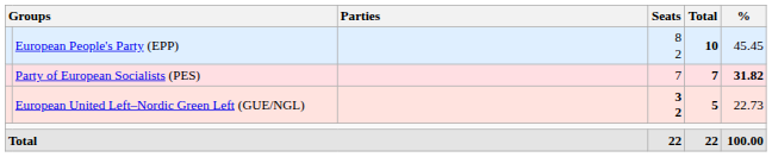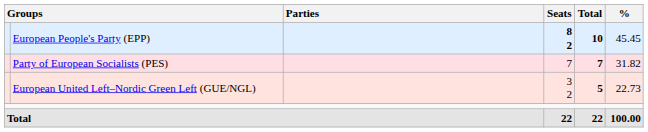 <table class="wikitable" style="text-align:right; font-size:95%; margin-bottom:0">
 <tr>
 <th style="text-align:left;" colspan="2" width="375">Groups</th>
 <th style="text-align:left;" width="350">Parties</th>
 <th width="35">Seats</th>
 <th width="35">Total</th>
 <th width="45">%</th>
 </tr>
 <tr style="background:#DFEFFF;">
 <td width="1" style="color:inherit;background:"></td>
 <td align="left"><a href='#'>European People's Party</a> (EPP)</td>
 <td align="left"></td>
-<td>8<br>2</td>
+<td><strong>8<br>2</strong></td>
 <td><strong>10</strong></td>
 <td>45.45</td>
 </tr>
 <tr style="background:#FFDFE3;">
 <td style="color:inherit;background:"></td>
 <td align="left"><a href='#'>Party of European Socialists</a> (PES)</td>
 <td align="left"></td>
 <td>7</td>
 <td><strong>7</strong></td>
-<td><strong>31.82</strong></td>
+<td>31.82</td>
 </tr>
 <tr style="background:#FFE3DF;">
 <td style="color:inherit;background:"></td>
 <td align="left"><a href='#'>European United Left–Nordic Green Left</a> (GUE/NGL)</td>
 <td align="left"></td>
-<td><strong>3<br>2</strong></td>
+<td>3<br>2</td>
 <td><strong>5</strong></td>
 <td>22.73</td>
 </tr>
 <tr>
 <td colspan="6"></td>
 </tr>
 <tr style="background:#E4E4E4; font-weight:bold;">
 <td align="left" colspan="3">Total</td>
 <td>22</td>
 <td>22</td>
 <td>100.00</td>
 </tr>
 </table>
